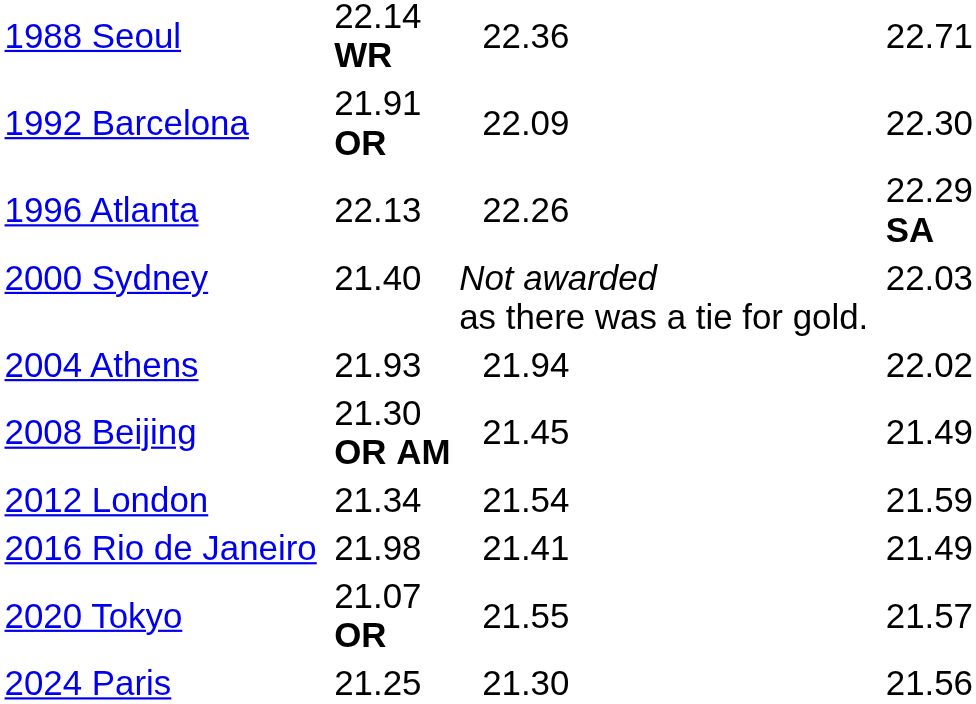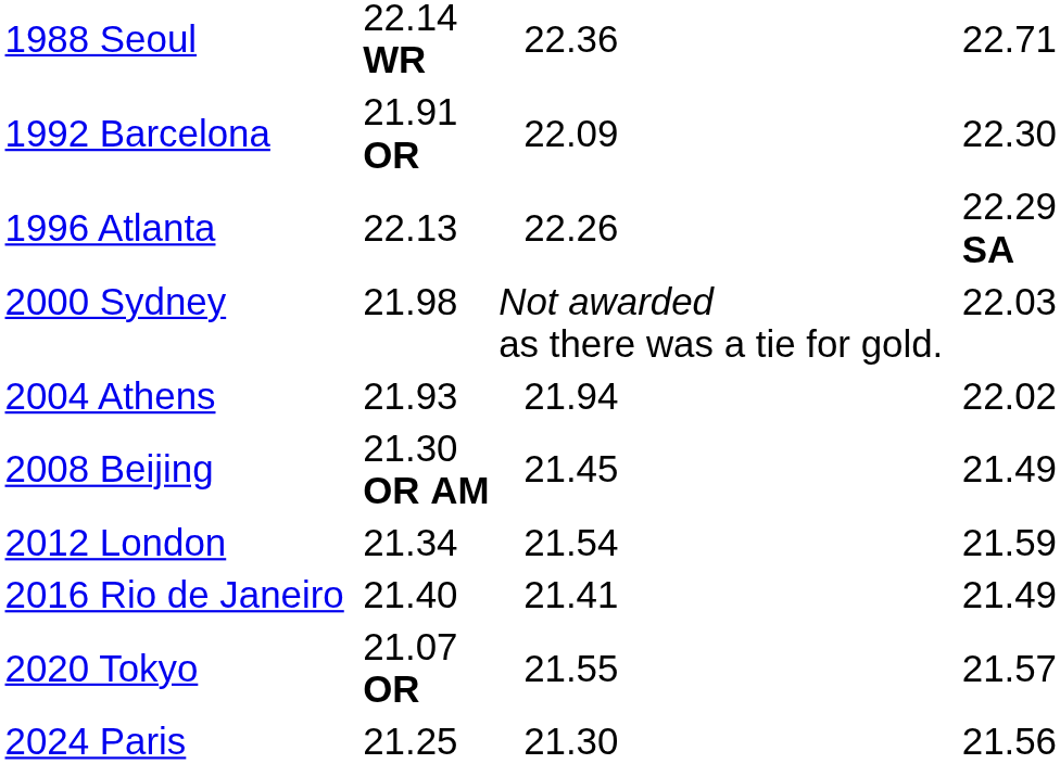 <table>
 <tr>
 <td><a href='#'>1988 Seoul</a><br></td>
 <td></td>
 <td>22.14 <br> <strong>WR</strong></td>
 <td></td>
 <td>22.36</td>
 <td></td>
 <td>22.71</td>
 </tr>
 <tr>
 <td><a href='#'>1992 Barcelona</a><br></td>
 <td></td>
 <td>21.91 <br> <strong>OR</strong></td>
 <td></td>
 <td>22.09</td>
 <td></td>
 <td>22.30</td>
 </tr>
 <tr>
 <td><a href='#'>1996 Atlanta</a><br></td>
 <td></td>
 <td>22.13</td>
 <td></td>
 <td>22.26</td>
 <td></td>
 <td>22.29 <br> <strong>SA</strong></td>
 </tr>
 <tr valign="top">
 <td><a href='#'>2000 Sydney</a><br></td>
 <td><br></td>
-<td>21.40</td>
+<td>21.98</td>
 <td colspan=2><em>Not awarded</em><br><span>as there was a tie for gold.</span></td>
 <td></td>
 <td>22.03</td>
 </tr>
 <tr>
 <td><a href='#'>2004 Athens</a><br></td>
 <td></td>
 <td>21.93</td>
 <td></td>
 <td>21.94</td>
 <td></td>
 <td>22.02</td>
 </tr>
 <tr |->
 <td><a href='#'>2008 Beijing</a><br></td>
 <td></td>
 <td>21.30 <br> <strong>OR</strong> <strong>AM</strong></td>
 <td></td>
 <td>21.45</td>
 <td></td>
 <td>21.49</td>
 </tr>
 <tr>
 <td><a href='#'>2012 London</a><br></td>
 <td></td>
 <td>21.34</td>
 <td></td>
 <td>21.54</td>
 <td></td>
 <td>21.59</td>
 </tr>
 <tr>
 <td><a href='#'>2016 Rio de Janeiro</a><br></td>
 <td></td>
-<td>21.98</td>
+<td>21.40</td>
 <td></td>
 <td>21.41</td>
 <td></td>
 <td>21.49</td>
 </tr>
 <tr>
 <td><a href='#'>2020 Tokyo</a><br></td>
 <td></td>
 <td>21.07 <br> <strong>OR</strong></td>
 <td></td>
 <td>21.55</td>
 <td></td>
 <td>21.57</td>
 </tr>
 <tr>
 <td><a href='#'>2024 Paris</a><br></td>
 <td></td>
 <td>21.25</td>
 <td></td>
 <td>21.30</td>
 <td></td>
 <td>21.56</td>
 </tr>
 <tr>
 </tr>
 </table>
